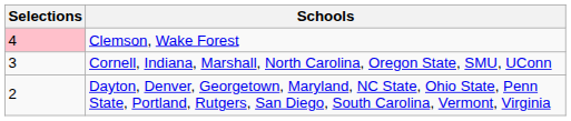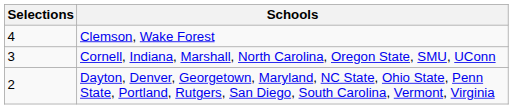 <table class="wikitable sortable" style="text-align:left">
 <tr>
 <th>Selections</th>
 <th class="unsortable">Schools</th>
 </tr>
 <tr>
-<td style="background: pink;">4</td>
+<td>4</td>
 <td><a href='#'>Clemson</a>, <a href='#'>Wake Forest</a></td>
 </tr>
 <tr>
 <td>3</td>
 <td><a href='#'>Cornell</a>, <a href='#'>Indiana</a>, <a href='#'>Marshall</a>, <a href='#'>North Carolina</a>, <a href='#'>Oregon State</a>, <a href='#'>SMU</a>, <a href='#'>UConn</a></td>
 </tr>
 <tr>
 <td>2</td>
 <td><a href='#'>Dayton</a>, <a href='#'>Denver</a>, <a href='#'>Georgetown</a>, <a href='#'>Maryland</a>, <a href='#'>NC State</a>, <a href='#'>Ohio State</a>, <a href='#'>Penn State</a>, <a href='#'>Portland</a>, <a href='#'>Rutgers</a>, <a href='#'>San Diego</a>, <a href='#'>South Carolina</a>, <a href='#'>Vermont</a>, <a href='#'>Virginia</a></td>
 </tr>
 </table>
